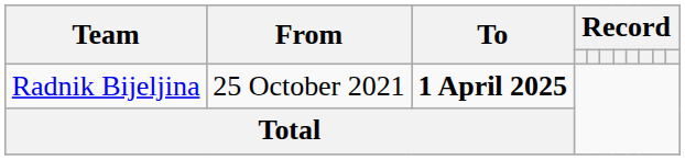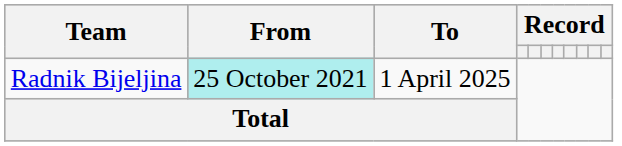 <table class="wikitable" style="text-align: center">
 <tr>
 <th rowspan="2">Team</th>
 <th rowspan="2">From</th>
 <th rowspan="2">To</th>
 <th colspan="8">Record</th>
 </tr>
 <tr>
 <th></th>
 <th></th>
 <th></th>
 <th></th>
 <th></th>
 <th></th>
 <th></th>
 <th></th>
 </tr>
 <tr>
 <td align="left"><a href='#'>Radnik Bijeljina</a></td>
-<td align="left">25 October 2021</td>
-<td align="left"><strong>1 April 2025<br></strong></td>
+<td align="left" style="background: paleturquoise;">25 October 2021</td>
+<td align="left">1 April 2025<br></td>
 </tr>
 <tr>
 <th colspan="3">Total<br></th>
 </tr>
 </table>
